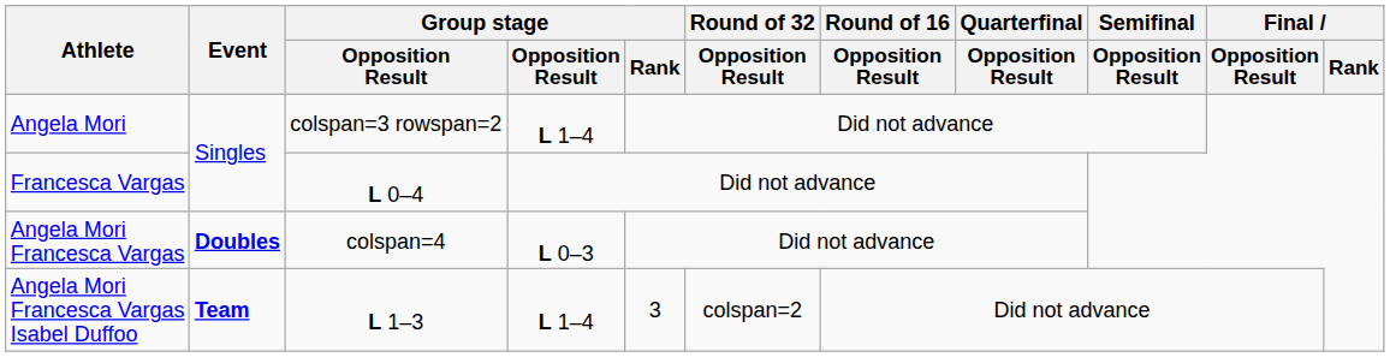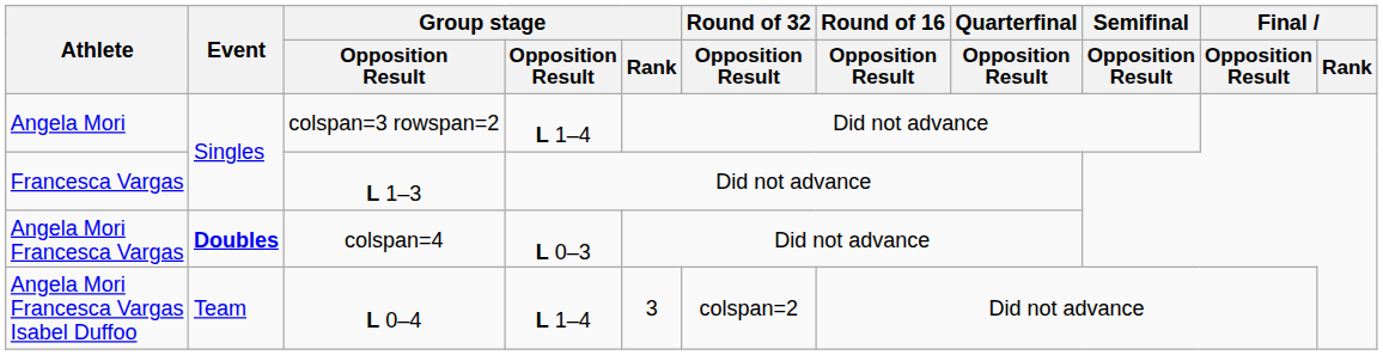 <table class=wikitable style=font-size:90%;text-align:center>
 <tr>
 <th rowspan=2>Athlete</th>
 <th rowspan=2>Event</th>
 <th colspan=3>Group stage</th>
 <th>Round of 32</th>
 <th>Round of 16</th>
 <th>Quarterfinal</th>
 <th>Semifinal</th>
 <th colspan=2>Final / </th>
 </tr>
 <tr style=font-size:95%>
 <th>Opposition<br>Result</th>
 <th>Opposition<br>Result</th>
 <th>Rank</th>
 <th>Opposition<br>Result</th>
 <th>Opposition<br>Result</th>
 <th>Opposition<br>Result</th>
 <th>Opposition<br>Result</th>
 <th>Opposition<br>Result</th>
 <th>Rank</th>
 </tr>
 <tr>
 <td align=left><a href='#'>Angela Mori</a></td>
 <td align=left rowspan=2><a href='#'>Singles</a></td>
 <td>colspan=3 rowspan=2 </td>
 <td><br><strong>L</strong> 1–4</td>
 <td colspan=5>Did not advance</td>
 </tr>
 <tr>
 <td align=left><a href='#'>Francesca Vargas</a></td>
-<td><br><strong>L</strong> 0–4</td>
+<td><br><strong>L</strong> 1–3</td>
 <td colspan=5>Did not advance</td>
 </tr>
 <tr>
 <td align=left><a href='#'>Angela Mori</a><br><a href='#'>Francesca Vargas</a></td>
 <td align=left><strong><a href='#'>Doubles</a></strong></td>
 <td>colspan=4 </td>
 <td><br><strong>L</strong> 0–3</td>
 <td colspan=4>Did not advance</td>
 </tr>
 <tr>
 <td align=left><a href='#'>Angela Mori</a><br><a href='#'>Francesca Vargas</a><br><a href='#'>Isabel Duffoo</a></td>
-<td align=left><strong><a href='#'>Team</a></strong></td>
-<td><br><strong>L</strong> 1–3</td>
+<td align=left><a href='#'>Team</a></td>
+<td><br><strong>L</strong> 0–4</td>
 <td><br><strong>L</strong> 1–4</td>
 <td>3</td>
 <td>colspan=2 </td>
 <td colspan=4>Did not advance</td>
 </tr>
 </table>
